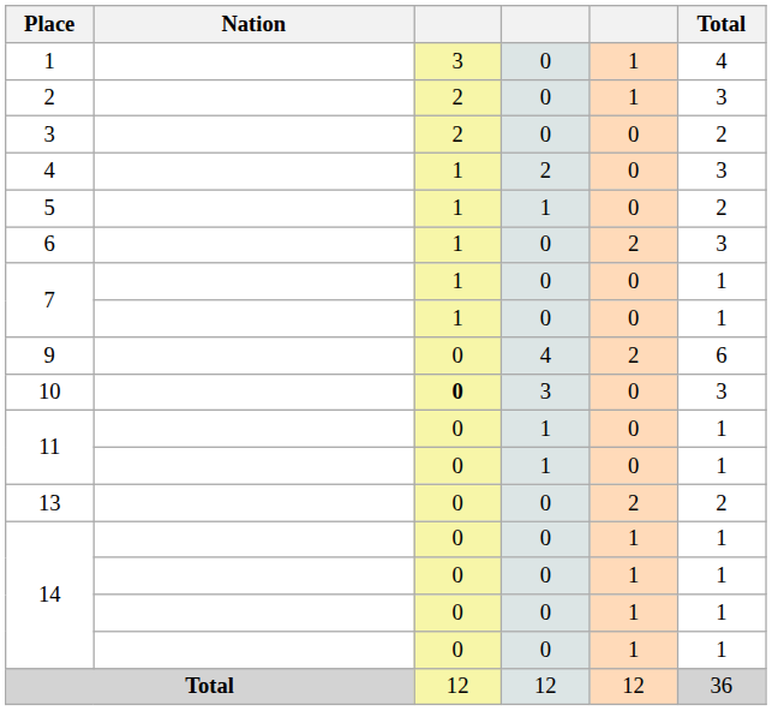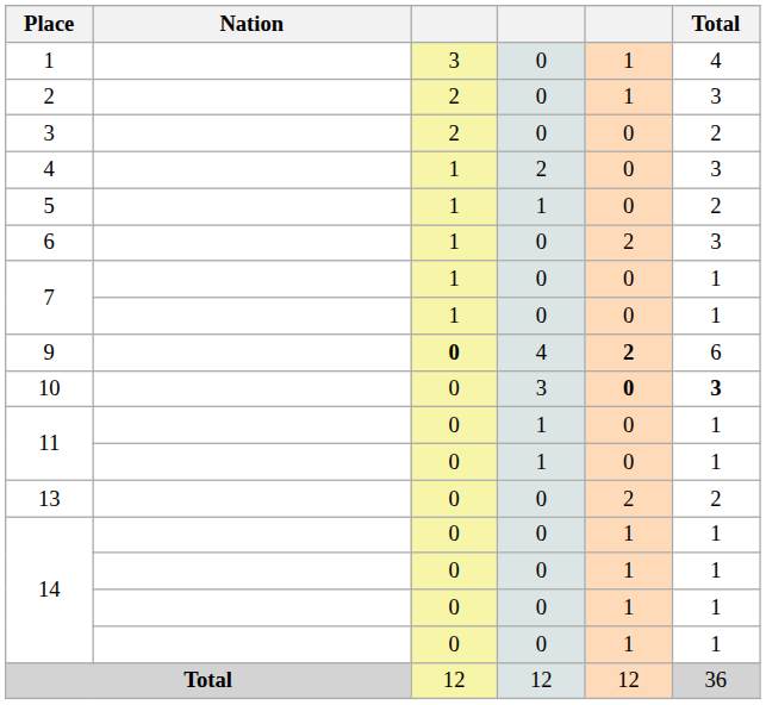 <table class=wikitable style="border:1px solid #AAAAAA;font-size:90%">
 <tr bgcolor="#EFEFEF">
 <th width=50>Place</th>
 <th width=200>Nation</th>
 <th width=50></th>
 <th width=50></th>
 <th width=50></th>
 <th width=50>Total</th>
 </tr>
 <tr align="center" valign="center" bgcolor="#FFFFFF">
 <td>1</td>
 <td align="left"></td>
 <td style="background:#F7F6A8;">3</td>
 <td style="background:#DCE5E5;">0</td>
 <td style="background:#FFDAB9;">1</td>
 <td>4</td>
 </tr>
 <tr align="center" valign="center" bgcolor="#FFFFFF">
 <td>2</td>
 <td align="left"></td>
 <td style="background:#F7F6A8;">2</td>
 <td style="background:#DCE5E5;">0</td>
 <td style="background:#FFDAB9;">1</td>
 <td>3</td>
 </tr>
 <tr align="center" valign="center" bgcolor="#FFFFFF">
 <td>3</td>
 <td align="left"></td>
 <td style="background:#F7F6A8;">2</td>
 <td style="background:#DCE5E5;">0</td>
 <td style="background:#FFDAB9;">0</td>
 <td>2</td>
 </tr>
 <tr align="center" valign="center" bgcolor="#FFFFFF">
 <td>4</td>
 <td align="left"></td>
 <td style="background:#F7F6A8;">1</td>
 <td style="background:#DCE5E5;">2</td>
 <td style="background:#FFDAB9;">0</td>
 <td>3</td>
 </tr>
 <tr align="center" valign="center" bgcolor="#FFFFFF">
 <td>5</td>
 <td align="left"></td>
 <td style="background:#F7F6A8;">1</td>
 <td style="background:#DCE5E5;">1</td>
 <td style="background:#FFDAB9;">0</td>
 <td>2</td>
 </tr>
 <tr align="center" valign="center" bgcolor="#FFFFFF">
 <td>6</td>
 <td align="left"></td>
 <td style="background:#F7F6A8;">1</td>
 <td style="background:#DCE5E5;">0</td>
 <td style="background:#FFDAB9;">2</td>
 <td>3</td>
 </tr>
 <tr align="center" valign="center" bgcolor="#FFFFFF">
 <td rowspan=2>7</td>
 <td align="left"></td>
 <td style="background:#F7F6A8;">1</td>
 <td style="background:#DCE5E5;">0</td>
 <td style="background:#FFDAB9;">0</td>
 <td>1</td>
 </tr>
 <tr align="center" valign="center" bgcolor="#FFFFFF">
 <td align="left"></td>
 <td style="background:#F7F6A8;">1</td>
 <td style="background:#DCE5E5;">0</td>
 <td style="background:#FFDAB9;">0</td>
 <td>1</td>
 </tr>
 <tr align="center" valign="center" bgcolor="#FFFFFF">
 <td>9</td>
 <td align="left"></td>
-<td style="background:#F7F6A8;">0</td>
+<td style="background:#F7F6A8;"><strong>0</strong></td>
 <td style="background:#DCE5E5;">4</td>
-<td style="background:#FFDAB9;">2</td>
+<td style="background:#FFDAB9;"><strong>2</strong></td>
 <td>6</td>
 </tr>
 <tr align="center" valign="center" bgcolor="#FFFFFF">
 <td>10</td>
 <td align="left"></td>
-<td style="background:#F7F6A8;"><strong>0</strong></td>
+<td style="background:#F7F6A8;">0</td>
 <td style="background:#DCE5E5;">3</td>
-<td style="background:#FFDAB9;">0</td>
-<td>3</td>
+<td style="background:#FFDAB9;"><strong>0</strong></td>
+<td><strong>3</strong></td>
 </tr>
 <tr align="center" valign="center" bgcolor="#FFFFFF">
 <td rowspan=2>11</td>
 <td align="left"></td>
 <td style="background:#F7F6A8;">0</td>
 <td style="background:#DCE5E5;">1</td>
 <td style="background:#FFDAB9;">0</td>
 <td>1</td>
 </tr>
 <tr align="center" valign="center" bgcolor="#FFFFFF">
 <td align="left"></td>
 <td style="background:#F7F6A8;">0</td>
 <td style="background:#DCE5E5;">1</td>
 <td style="background:#FFDAB9;">0</td>
 <td>1</td>
 </tr>
 <tr align="center" valign="center" bgcolor="#FFFFFF">
 <td>13</td>
 <td align="left"></td>
 <td style="background:#F7F6A8;">0</td>
 <td style="background:#DCE5E5;">0</td>
 <td style="background:#FFDAB9;">2</td>
 <td>2</td>
 </tr>
 <tr align="center" valign="center" bgcolor="#FFFFFF">
 <td rowspan=4>14</td>
 <td align="left"></td>
 <td style="background:#F7F6A8;">0</td>
 <td style="background:#DCE5E5;">0</td>
 <td style="background:#FFDAB9;">1</td>
 <td>1</td>
 </tr>
 <tr align="center" valign="center" bgcolor="#FFFFFF">
 <td align="left"></td>
 <td style="background:#F7F6A8;">0</td>
 <td style="background:#DCE5E5;">0</td>
 <td style="background:#FFDAB9;">1</td>
 <td>1</td>
 </tr>
 <tr align="center" valign="center" bgcolor="#FFFFFF">
 <td align="left"></td>
 <td style="background:#F7F6A8;">0</td>
 <td style="background:#DCE5E5;">0</td>
 <td style="background:#FFDAB9;">1</td>
 <td>1</td>
 </tr>
 <tr align="center" valign="center" bgcolor="#FFFFFF">
 <td align="left"></td>
 <td style="background:#F7F6A8;">0</td>
 <td style="background:#DCE5E5;">0</td>
 <td style="background:#FFDAB9;">1</td>
 <td>1</td>
 </tr>
 <tr align="center">
 <td colspan="2" bgcolor=D3D3D3><strong>Total</strong></td>
 <td style="background:#F7F6A8;">12</td>
 <td style="background:#DCE5E5;">12</td>
 <td style="background:#FFDAB9;">12</td>
 <td bgcolor=D3D3D3>36</td>
 </tr>
 </table>
